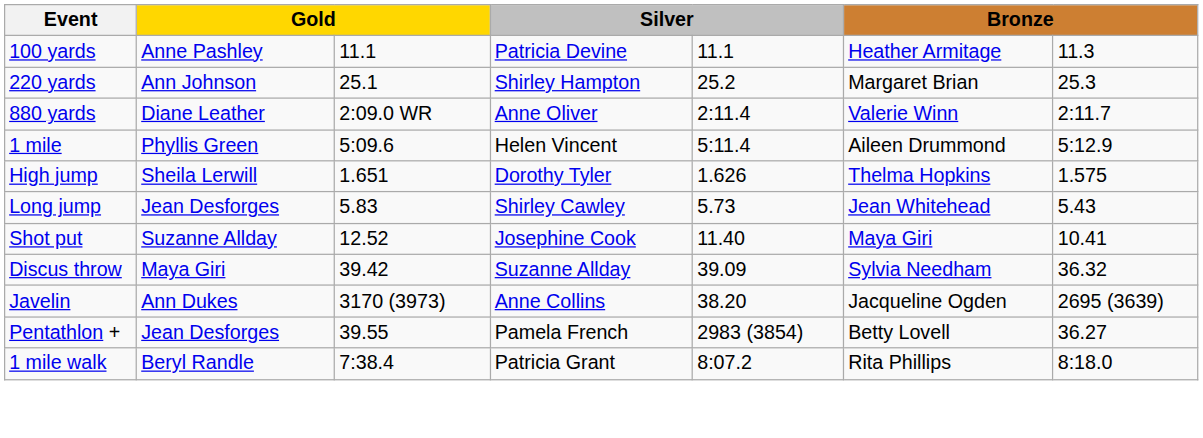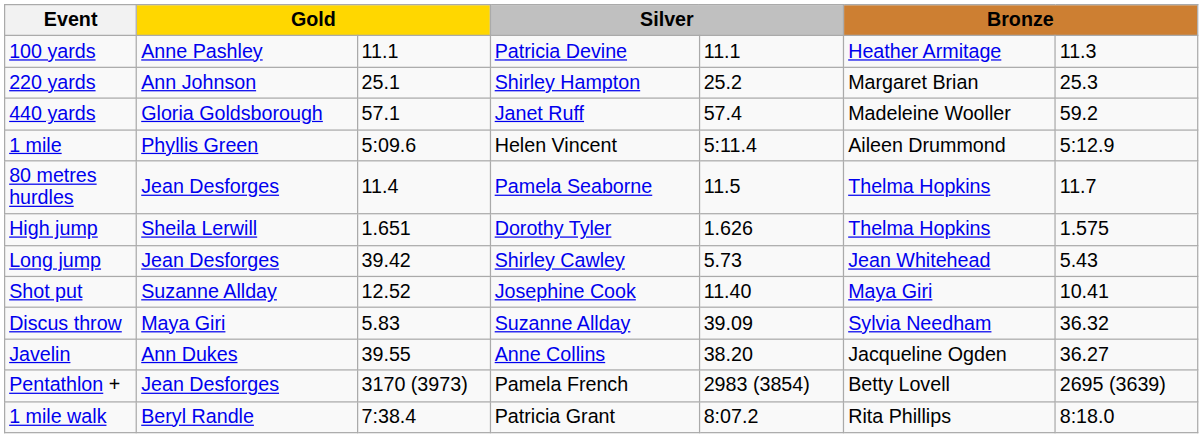 <table class="wikitable" style="text-align:left">
 <tr>
 <th width=100>Event</th>
 <th colspan="2" width="280" style="background:gold;">Gold</th>
 <th colspan="2" width="280" style="background:silver;">Silver</th>
 <th colspan="2" width="280" style="background:#CD7F32;">Bronze</th>
 </tr>
 <tr>
 <td><a href='#'>100 yards</a></td>
 <td><a href='#'>Anne Pashley</a></td>
 <td>11.1</td>
 <td> <a href='#'>Patricia Devine</a></td>
 <td>11.1</td>
 <td><a href='#'>Heather Armitage</a></td>
 <td>11.3</td>
 </tr>
 <tr>
 <td><a href='#'>220 yards</a></td>
 <td><a href='#'>Ann Johnson</a></td>
 <td>25.1</td>
 <td><a href='#'>Shirley Hampton</a></td>
 <td>25.2</td>
 <td>Margaret Brian</td>
 <td>25.3</td>
 </tr>
 <tr>
-<td><a href='#'>880 yards</a></td>
-<td><a href='#'>Diane Leather</a></td>
-<td>2:09.0 WR</td>
-<td><a href='#'>Anne Oliver</a></td>
-<td>2:11.4</td>
-<td><a href='#'>Valerie Winn</a></td>
-<td>2:11.7</td>
+<td><a href='#'>440 yards</a></td>
+<td><a href='#'>Gloria Goldsborough</a></td>
+<td>57.1</td>
+<td><a href='#'>Janet Ruff</a></td>
+<td>57.4</td>
+<td>Madeleine Wooller</td>
+<td>59.2</td>
 </tr>
 <tr>
 <td><a href='#'>1 mile</a></td>
 <td><a href='#'>Phyllis Green</a></td>
 <td>5:09.6</td>
 <td>Helen Vincent</td>
 <td>5:11.4</td>
 <td> Aileen Drummond</td>
 <td>5:12.9</td>
+</tr>
+<tr>
+<td><a href='#'>80 metres hurdles</a></td>
+<td><a href='#'>Jean Desforges</a></td>
+<td>11.4</td>
+<td><a href='#'>Pamela Seaborne</a></td>
+<td>11.5</td>
+<td><a href='#'>Thelma Hopkins</a></td>
+<td>11.7</td>
 </tr>
 <tr>
 <td><a href='#'>High jump</a></td>
 <td><a href='#'>Sheila Lerwill</a></td>
 <td>1.651</td>
 <td><a href='#'>Dorothy Tyler</a></td>
 <td>1.626</td>
 <td><a href='#'>Thelma Hopkins</a></td>
 <td>1.575</td>
 </tr>
 <tr>
 <td><a href='#'>Long jump</a></td>
 <td><a href='#'>Jean Desforges</a></td>
-<td>5.83</td>
+<td>39.42</td>
 <td><a href='#'>Shirley Cawley</a></td>
 <td>5.73</td>
 <td><a href='#'>Jean Whitehead</a></td>
 <td>5.43</td>
 </tr>
 <tr>
 <td><a href='#'>Shot put</a></td>
 <td><a href='#'>Suzanne Allday</a></td>
 <td>12.52</td>
 <td><a href='#'>Josephine Cook</a></td>
 <td>11.40</td>
 <td><a href='#'>Maya Giri</a></td>
 <td>10.41</td>
 </tr>
 <tr>
 <td><a href='#'>Discus throw</a></td>
 <td><a href='#'>Maya Giri</a></td>
-<td>39.42</td>
+<td>5.83</td>
 <td><a href='#'>Suzanne Allday</a></td>
 <td>39.09</td>
 <td><a href='#'>Sylvia Needham</a></td>
 <td>36.32</td>
 </tr>
 <tr>
 <td><a href='#'>Javelin</a></td>
 <td><a href='#'>Ann Dukes</a></td>
-<td>3170 (3973)</td>
+<td>39.55</td>
 <td><a href='#'>Anne Collins</a></td>
 <td>38.20</td>
 <td>Jacqueline Ogden</td>
-<td>2695 (3639)</td>
+<td>36.27</td>
 </tr>
 <tr>
 <td><a href='#'>Pentathlon</a> +</td>
 <td><a href='#'>Jean Desforges</a></td>
-<td>39.55</td>
+<td>3170 (3973)</td>
 <td>Pamela French</td>
 <td>2983 (3854)</td>
 <td>Betty Lovell</td>
-<td>36.27</td>
+<td>2695 (3639)</td>
 </tr>
 <tr>
 <td><a href='#'>1 mile walk</a></td>
 <td><a href='#'>Beryl Randle</a></td>
 <td>7:38.4</td>
 <td>Patricia Grant</td>
 <td>8:07.2</td>
 <td>Rita Phillips</td>
 <td>8:18.0</td>
 </tr>
 </table>
